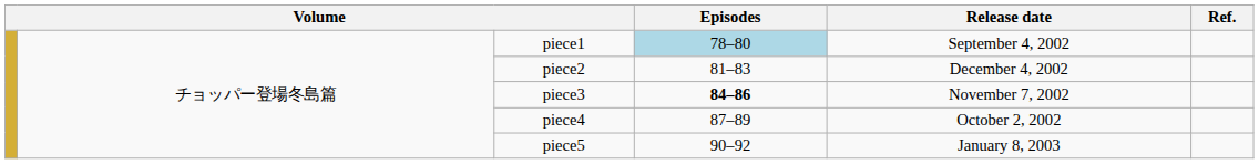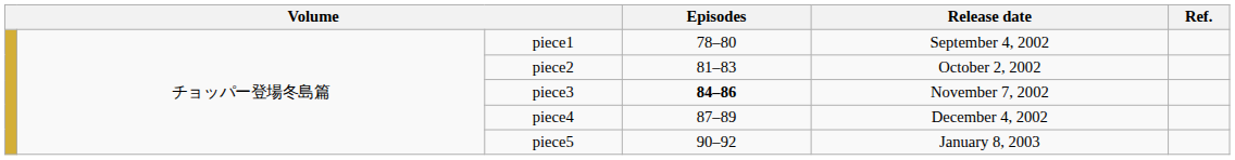 <table class="wikitable" style="text-align: center; width: 98%;">
 <tr>
 <th colspan="3">Volume</th>
 <th>Episodes</th>
 <th>Release date</th>
 <th width="5%">Ref.</th>
 </tr>
 <tr>
 <td rowspan="5" width="1%" style="background: #D4AF37;"></td>
 <td rowspan="5">チョッパー登場冬島篇</td>
 <td>piece1</td>
-<td style="background: lightblue;">78–80</td>
+<td>78–80</td>
 <td>September 4, 2002</td>
 <td></td>
 </tr>
 <tr>
 <td>piece2</td>
 <td>81–83</td>
-<td>December 4, 2002</td>
+<td>October 2, 2002</td>
 <td></td>
 </tr>
 <tr>
 <td>piece3</td>
 <td><strong>84–86</strong></td>
 <td>November 7, 2002</td>
 <td></td>
 </tr>
 <tr>
 <td>piece4</td>
 <td>87–89</td>
-<td>October 2, 2002</td>
+<td>December 4, 2002</td>
 <td></td>
 </tr>
 <tr>
 <td>piece5</td>
 <td>90–92</td>
 <td>January 8, 2003</td>
 <td></td>
 </tr>
 </table>
